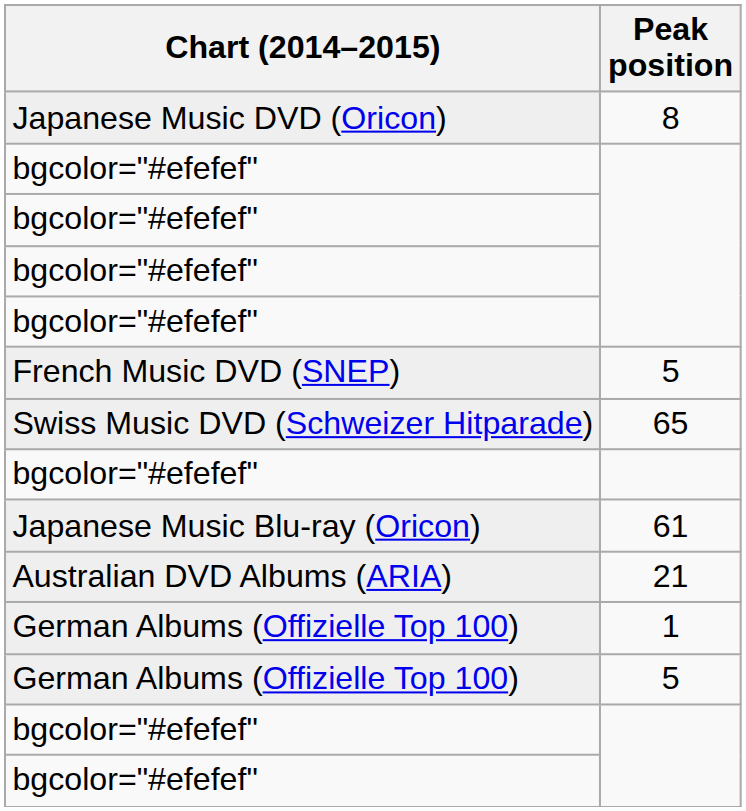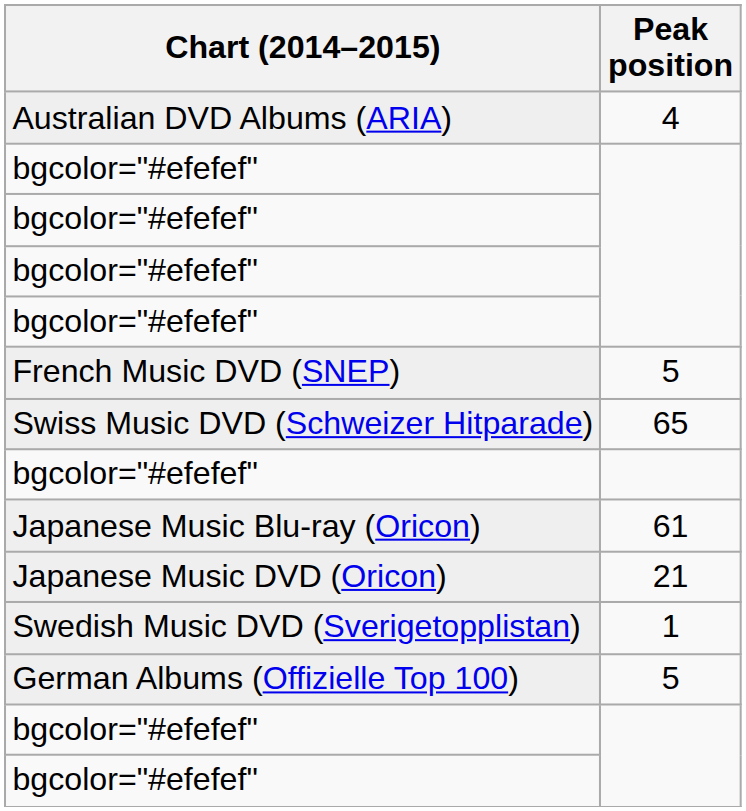 <table class="wikitable sortable plainrowheaders">
 <tr>
 <th>Chart (2014–2015)</th>
 <th>Peak<br>position</th>
 </tr>
 <tr>
-<td bgcolor="#efefef">Japanese Music DVD (<a href='#'>Oricon</a>)</td>
-<td align="center">8</td>
+<td bgcolor="#efefef">Australian DVD Albums (<a href='#'>ARIA</a>)</td>
+<td align="center">4</td>
 </tr>
 <tr>
 <td>bgcolor="#efefef" </td>
 </tr>
 <tr>
 <td>bgcolor="#efefef" </td>
 </tr>
 <tr>
 <td>bgcolor="#efefef" </td>
 </tr>
 <tr>
 <td>bgcolor="#efefef" </td>
 </tr>
 <tr>
 <td bgcolor="#efefef">French Music DVD (<a href='#'>SNEP</a>)</td>
 <td align="center">5</td>
 </tr>
 <tr>
 <td bgcolor="#efefef">Swiss Music DVD (<a href='#'>Schweizer Hitparade</a>)</td>
 <td align="center">65</td>
 </tr>
 <tr>
 <td>bgcolor="#efefef" </td>
 </tr>
 <tr>
 <td bgcolor="#efefef">Japanese Music Blu-ray (<a href='#'>Oricon</a>)</td>
 <td align="center">61</td>
 </tr>
 <tr>
-<td bgcolor="#efefef">Australian DVD Albums (<a href='#'>ARIA</a>)</td>
+<td bgcolor="#efefef">Japanese Music DVD (<a href='#'>Oricon</a>)</td>
 <td align="center">21</td>
 </tr>
 <tr>
-<td bgcolor="#efefef">German Albums (<a href='#'>Offizielle Top 100</a>)</td>
+<td bgcolor="#efefef">Swedish Music DVD (<a href='#'>Sverigetopplistan</a>)</td>
 <td align="center">1</td>
 </tr>
 <tr>
 <td bgcolor="#efefef">German Albums (<a href='#'>Offizielle Top 100</a>)</td>
 <td align="center">5</td>
 </tr>
 <tr>
 <td>bgcolor="#efefef" </td>
 </tr>
 <tr>
 <td>bgcolor="#efefef" </td>
 </tr>
 </table>
